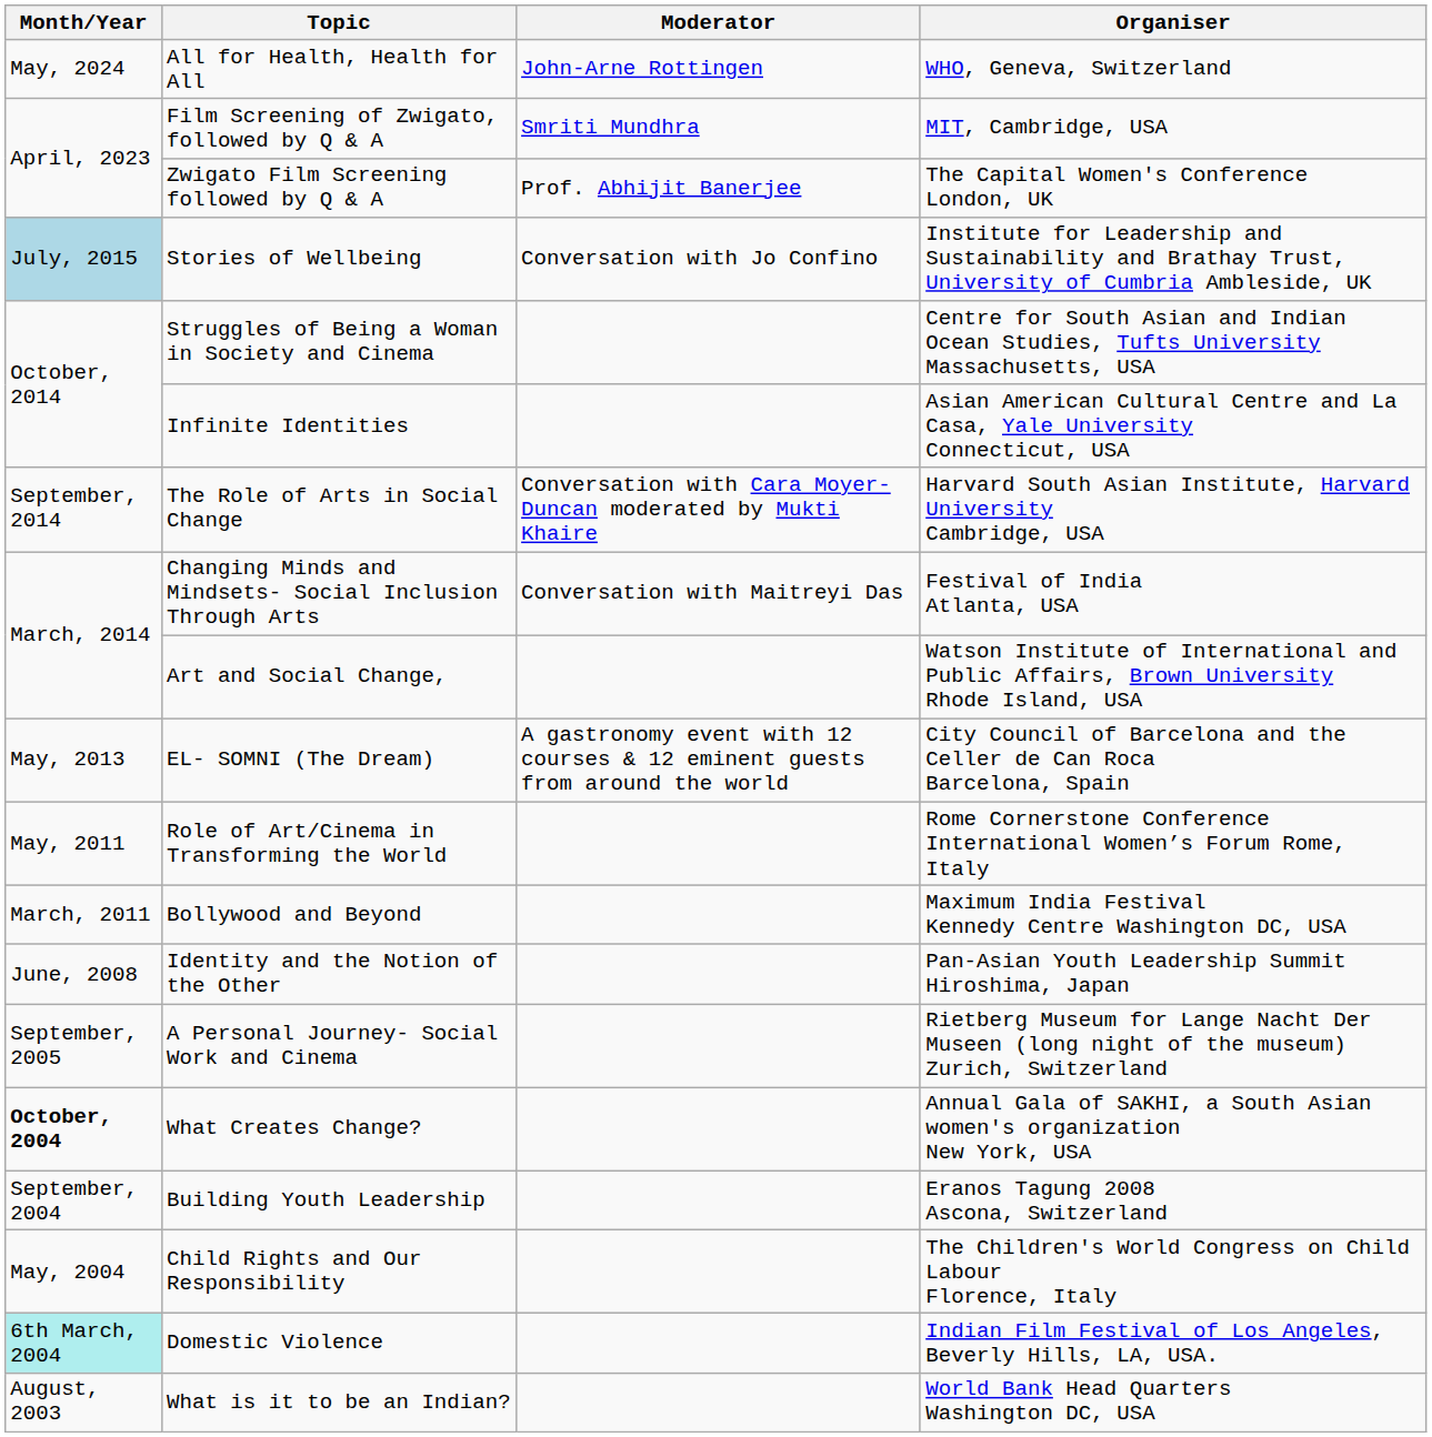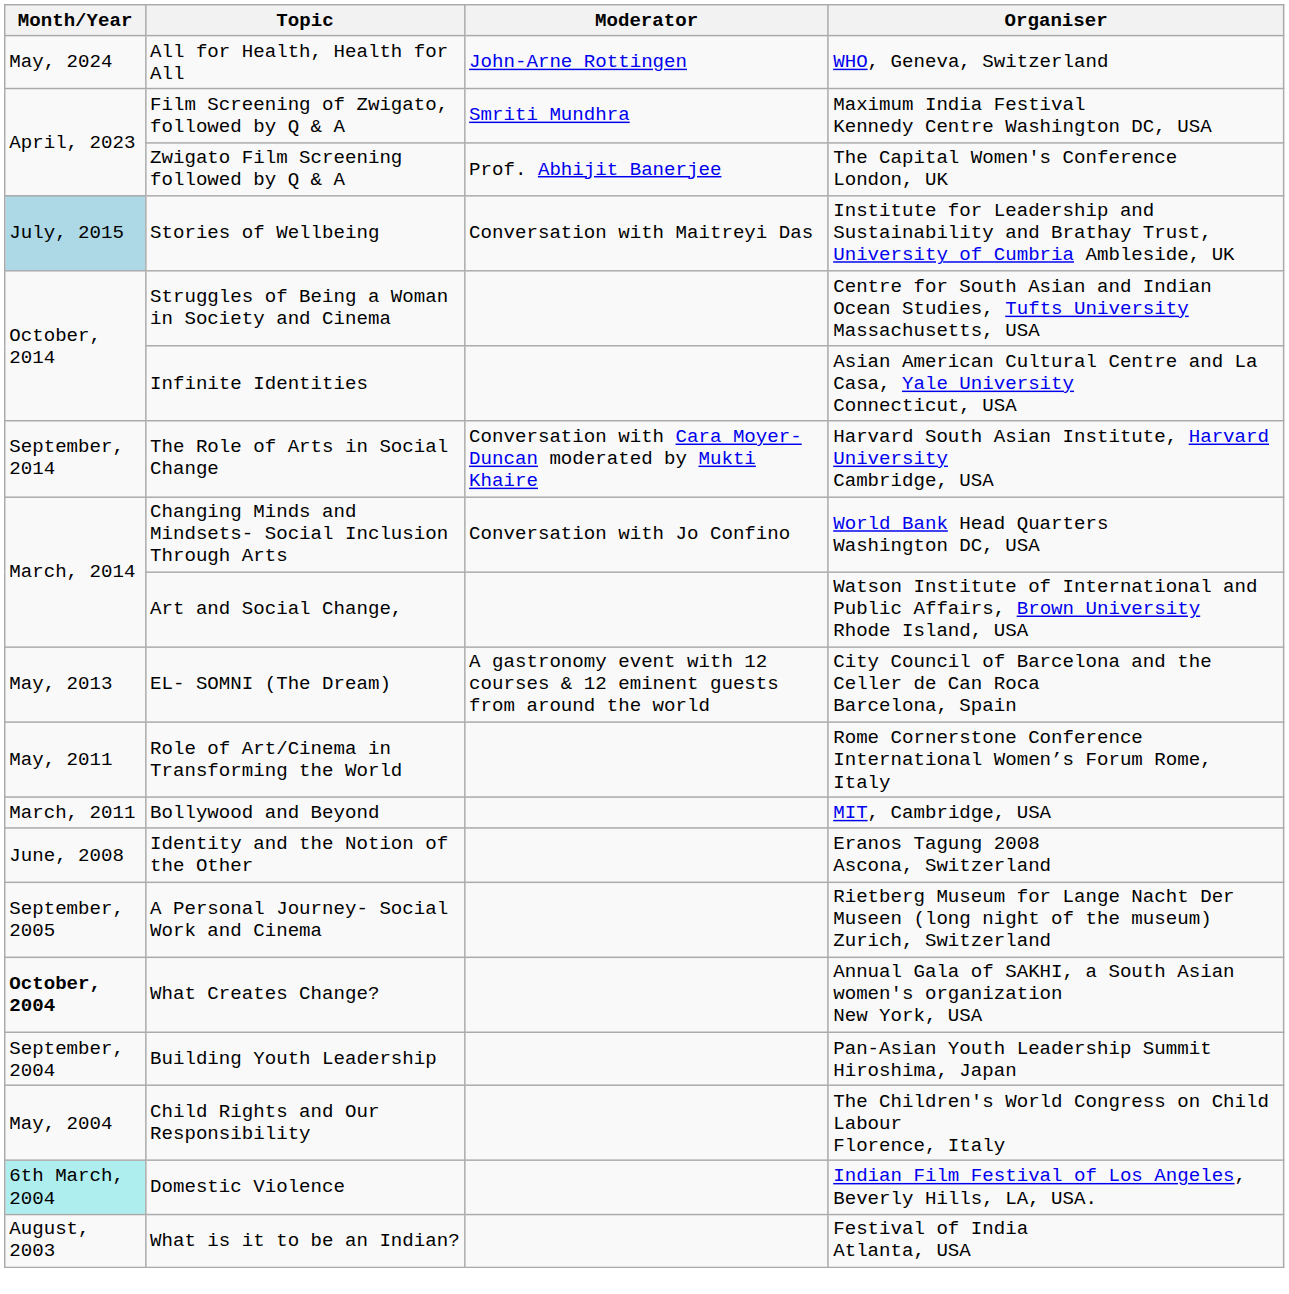 <table class="wikitable">
 <tr>
 <th>Month/Year</th>
 <th>Topic</th>
 <th>Moderator</th>
 <th>Organiser</th>
 </tr>
 <tr>
 <td>May, 2024</td>
 <td>All for Health, Health for All</td>
 <td><a href='#'>John-Arne Rottingen</a></td>
 <td><a href='#'>WHO</a>, Geneva, Switzerland</td>
 </tr>
 <tr>
 <td rowspan="2">April, 2023</td>
 <td>Film Screening of Zwigato, followed by Q & A</td>
 <td><a href='#'>Smriti Mundhra</a></td>
-<td><a href='#'>MIT</a>, Cambridge, USA</td>
+<td>Maximum India Festival<br>Kennedy Centre  Washington DC, USA</td>
 </tr>
 <tr>
 <td>Zwigato Film Screening followed by Q & A</td>
 <td>Prof. <a href='#'>Abhijit Banerjee</a></td>
 <td>The Capital Women's Conference<br>London, UK</td>
 </tr>
 <tr>
 <td style="background: lightblue;">July, 2015</td>
 <td>Stories of Wellbeing</td>
-<td>Conversation with Jo Confino</td>
+<td>Conversation with Maitreyi Das</td>
 <td>Institute for Leadership and Sustainability and Brathay Trust, <a href='#'>University of Cumbria</a> Ambleside, UK</td>
 </tr>
 <tr>
 <td rowspan="2">October, 2014</td>
 <td>Struggles of Being a Woman in Society and Cinema</td>
 <td></td>
 <td>Centre for South Asian and Indian Ocean Studies, <a href='#'>Tufts University</a><br>Massachusetts, USA</td>
 </tr>
 <tr>
 <td>Infinite Identities</td>
 <td></td>
 <td>Asian American Cultural Centre and La Casa, <a href='#'>Yale University</a><br>Connecticut, USA</td>
 </tr>
 <tr>
 <td>September, 2014</td>
 <td>The Role of Arts in Social Change</td>
 <td>Conversation with <a href='#'>Cara Moyer-Duncan</a> moderated by <a href='#'>Mukti Khaire</a></td>
 <td>Harvard South Asian Institute, <a href='#'>Harvard University</a><br>Cambridge, USA</td>
 </tr>
 <tr>
 <td rowspan="2">March, 2014</td>
 <td>Changing Minds and Mindsets- Social Inclusion Through Arts</td>
-<td>Conversation with Maitreyi Das</td>
-<td>Festival of India<br>Atlanta, USA</td>
+<td>Conversation with Jo Confino</td>
+<td><a href='#'>World Bank</a> Head Quarters<br>Washington DC, USA</td>
 </tr>
 <tr>
 <td>Art and Social Change,</td>
 <td></td>
 <td>Watson Institute of International and Public Affairs, <a href='#'>Brown University</a><br>Rhode Island, USA</td>
 </tr>
 <tr>
 <td>May, 2013</td>
 <td>EL- SOMNI (The Dream)</td>
 <td>A gastronomy event with 12 courses & 12 eminent guests from around the world</td>
 <td>City Council of Barcelona and the Celler de Can Roca<br>Barcelona, Spain</td>
 </tr>
 <tr>
 <td>May, 2011</td>
 <td>Role of Art/Cinema in Transforming the World</td>
 <td></td>
 <td>Rome Cornerstone Conference<br>International Women’s Forum Rome, Italy</td>
 </tr>
 <tr>
 <td>March, 2011</td>
 <td>Bollywood and Beyond</td>
 <td></td>
-<td>Maximum India Festival<br>Kennedy Centre  Washington DC, USA</td>
+<td><a href='#'>MIT</a>, Cambridge, USA</td>
 </tr>
 <tr>
 <td>June, 2008</td>
 <td>Identity and the Notion of the Other</td>
 <td></td>
-<td>Pan-Asian Youth Leadership Summit<br>Hiroshima, Japan</td>
+<td>Eranos Tagung 2008<br>Ascona, Switzerland</td>
 </tr>
 <tr>
 <td>September, 2005</td>
 <td>A Personal Journey- Social Work and Cinema</td>
 <td></td>
 <td>Rietberg Museum for Lange Nacht Der Museen (long night of the museum)<br>Zurich, Switzerland</td>
 </tr>
 <tr>
 <td><strong>October, 2004</strong></td>
 <td>What Creates Change?</td>
 <td></td>
 <td>Annual Gala of SAKHI, a South Asian women's organization<br>New York, USA</td>
 </tr>
 <tr>
 <td>September, 2004</td>
 <td>Building Youth Leadership</td>
 <td></td>
-<td>Eranos Tagung 2008<br>Ascona, Switzerland</td>
+<td>Pan-Asian Youth Leadership Summit<br>Hiroshima, Japan</td>
 </tr>
 <tr>
 <td>May, 2004</td>
 <td>Child Rights and Our Responsibility</td>
 <td></td>
 <td>The Children's World Congress on Child Labour<br>Florence, Italy</td>
 </tr>
 <tr>
 <td style="background: paleturquoise;">6th March, 2004</td>
 <td>Domestic Violence</td>
 <td></td>
 <td><a href='#'>Indian Film Festival of Los Angeles</a>, Beverly Hills, LA, USA.</td>
 </tr>
 <tr>
 <td>August, 2003</td>
 <td>What is it to be an Indian?</td>
 <td></td>
-<td><a href='#'>World Bank</a> Head Quarters<br>Washington DC, USA</td>
+<td>Festival of India<br>Atlanta, USA</td>
 </tr>
 </table>
